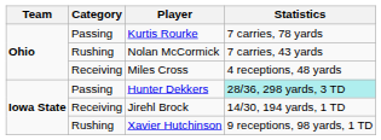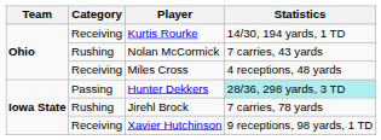 <table class="wikitable" style="float: right;">
 <tr>
 <th>Team</th>
 <th>Category</th>
 <th>Player</th>
 <th>Statistics</th>
 </tr>
 <tr>
 <td rowspan=3><strong>Ohio</strong></td>
-<td>Passing</td>
+<td>Receiving</td>
 <td><a href='#'>Kurtis Rourke</a></td>
-<td>7 carries, 78 yards</td>
+<td>14/30, 194 yards, 1 TD</td>
 </tr>
 <tr>
 <td>Rushing</td>
 <td>Nolan McCormick</td>
 <td>7 carries, 43 yards</td>
 </tr>
 <tr>
 <td>Receiving</td>
 <td>Miles Cross</td>
 <td>4 receptions, 48 yards</td>
 </tr>
 <tr>
 <td rowspan=3><strong>Iowa State</strong></td>
 <td>Passing</td>
 <td><a href='#'>Hunter Dekkers</a></td>
 <td style="background: paleturquoise;">28/36, 298 yards, 3 TD</td>
 </tr>
 <tr>
-<td>Receiving</td>
+<td>Rushing</td>
 <td>Jirehl Brock</td>
-<td>14/30, 194 yards, 1 TD</td>
+<td>7 carries, 78 yards</td>
 </tr>
 <tr>
-<td>Rushing</td>
+<td>Receiving</td>
 <td><a href='#'>Xavier Hutchinson</a></td>
 <td>9 receptions, 98 yards, 1 TD</td>
 </tr>
 </table>
